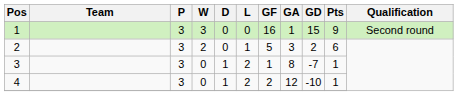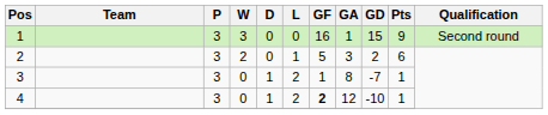 <table class="wikitable" border="1">
 <tr>
 <th width="25"><abbr>Pos</abbr></th>
 <th width="200">Team</th>
 <th width="25">P</th>
 <th width="25">W</th>
 <th width="25">D</th>
 <th width="25">L</th>
 <th width="25"><abbr>GF</abbr></th>
 <th width="25"><abbr>GA</abbr></th>
 <th width="25"><abbr>GD</abbr></th>
 <th width="25"><abbr>Pts</abbr></th>
 <th width="150">Qualification</th>
 </tr>
 <tr bgcolor= #D0F0C0>
 <td align="center">1</td>
 <td></td>
 <td align="center">3</td>
 <td align="center">3</td>
 <td align="center">0</td>
 <td align="center">0</td>
 <td align="center">16</td>
 <td align="center">1</td>
 <td align="center">15</td>
 <td align="center">9</td>
 <td align="center">Second round</td>
 </tr>
 <tr>
 <td align="center">2</td>
 <td></td>
 <td align="center">3</td>
 <td align="center">2</td>
 <td align="center">0</td>
 <td align="center">1</td>
 <td align="center">5</td>
 <td align="center">3</td>
 <td align="center">2</td>
 <td align="center">6</td>
 </tr>
 <tr>
 <td align="center">3</td>
 <td></td>
 <td align="center">3</td>
 <td align="center">0</td>
 <td align="center">1</td>
 <td align="center">2</td>
 <td align="center">1</td>
 <td align="center">8</td>
 <td align="center">-7</td>
 <td align="center">1</td>
 </tr>
 <tr>
 <td align="center">4</td>
 <td></td>
 <td align="center">3</td>
 <td align="center">0</td>
 <td align="center">1</td>
 <td align="center">2</td>
-<td align="center">2</td>
+<td align="center"><strong>2</strong></td>
 <td align="center">12</td>
 <td align="center">-10</td>
 <td align="center">1</td>
 </tr>
 <tr>
 </tr>
 </table>
